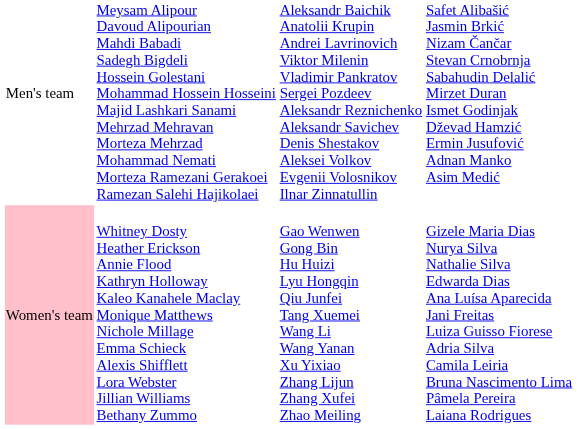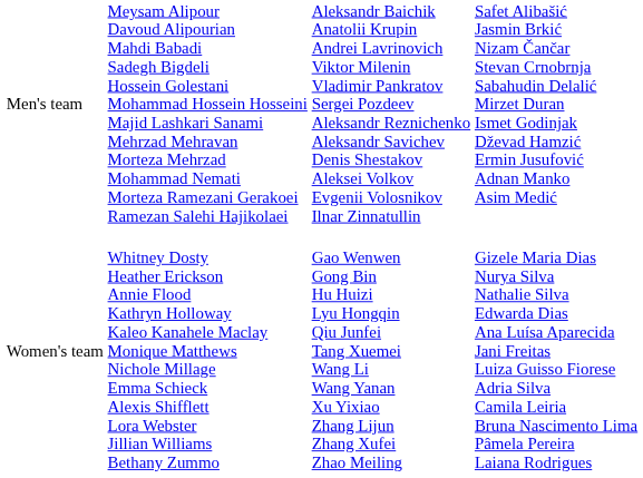 <table>
 <tr>
 <td>Men's team<br></td>
 <td nowrap><br><a href='#'>Meysam Alipour</a><br><a href='#'>Davoud Alipourian</a><br><a href='#'>Mahdi Babadi</a><br><a href='#'>Sadegh Bigdeli</a><br><a href='#'>Hossein Golestani</a><br><a href='#'>Mohammad Hossein Hosseini</a><br><a href='#'>Majid Lashkari Sanami</a><br><a href='#'>Mehrzad Mehravan</a><br><a href='#'>Morteza Mehrzad</a><br><a href='#'>Mohammad Nemati</a><br><a href='#'>Morteza Ramezani Gerakoei</a><br><a href='#'>Ramezan Salehi Hajikolaei</a></td>
 <td nowrap><br><a href='#'>Aleksandr Baichik</a><br><a href='#'>Anatolii Krupin</a><br><a href='#'>Andrei Lavrinovich</a><br><a href='#'>Viktor Milenin</a><br><a href='#'>Vladimir Pankratov</a><br><a href='#'>Sergei Pozdeev</a><br><a href='#'>Aleksandr Reznichenko</a><br><a href='#'>Aleksandr Savichev</a><br><a href='#'>Denis Shestakov</a><br><a href='#'>Aleksei Volkov</a><br><a href='#'>Evgenii Volosnikov</a><br><a href='#'>Ilnar Zinnatullin</a></td>
 <td valign=top nowrap><br><a href='#'>Safet Alibašić</a><br><a href='#'>Jasmin Brkić</a><br><a href='#'>Nizam Čančar</a><br><a href='#'>Stevan Crnobrnja</a><br><a href='#'>Sabahudin Delalić</a><br><a href='#'>Mirzet Duran</a><br><a href='#'>Ismet Godinjak</a><br><a href='#'>Dževad Hamzić</a><br><a href='#'>Ermin Jusufović</a><br><a href='#'>Adnan Manko</a><br><a href='#'>Asim Medić</a></td>
 </tr>
 <tr>
-<td style="background: pink;">Women's team<br></td>
+<td>Women's team<br></td>
 <td><br><a href='#'>Whitney Dosty</a><br><a href='#'>Heather Erickson</a><br><a href='#'>Annie Flood</a><br><a href='#'>Kathryn Holloway</a><br><a href='#'>Kaleo Kanahele Maclay</a><br><a href='#'>Monique Matthews</a><br><a href='#'>Nichole Millage</a><br><a href='#'>Emma Schieck</a><br><a href='#'>Alexis Shifflett</a><br><a href='#'>Lora Webster</a><br><a href='#'>Jillian Williams</a><br><a href='#'>Bethany Zummo</a></td>
 <td><br><a href='#'>Gao Wenwen</a><br><a href='#'>Gong Bin</a><br><a href='#'>Hu Huizi</a><br><a href='#'>Lyu Hongqin</a><br><a href='#'>Qiu Junfei</a><br><a href='#'>Tang Xuemei</a><br><a href='#'>Wang Li</a><br><a href='#'>Wang Yanan</a><br><a href='#'>Xu Yixiao</a><br><a href='#'>Zhang Lijun</a><br><a href='#'>Zhang Xufei</a><br><a href='#'>Zhao Meiling</a></td>
 <td><br><a href='#'>Gizele Maria Dias</a><br><a href='#'>Nurya Silva</a><br><a href='#'>Nathalie Silva</a><br><a href='#'>Edwarda Dias</a><br><a href='#'>Ana Luísa Aparecida</a><br><a href='#'>Jani Freitas</a><br><a href='#'>Luiza Guisso Fiorese</a><br><a href='#'>Adria Silva</a><br><a href='#'>Camila Leiria</a><br><a href='#'>Bruna Nascimento Lima</a><br><a href='#'>Pâmela Pereira</a><br><a href='#'>Laiana Rodrigues</a></td>
 </tr>
 </table>
